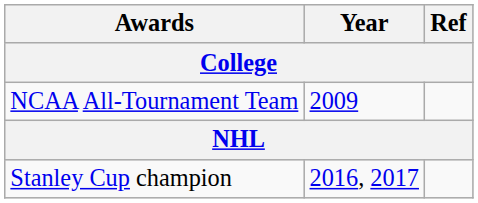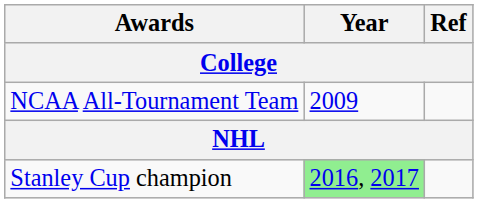 <table class="wikitable">
 <tr>
 <th>Awards</th>
 <th>Year</th>
 <th>Ref</th>
 </tr>
 <tr>
 <th colspan="3"><a href='#'>College</a></th>
 </tr>
 <tr>
 <td><a href='#'>NCAA</a> <a href='#'>All-Tournament Team</a></td>
 <td><a href='#'>2009</a></td>
 <td></td>
 </tr>
 <tr>
 <th colspan="3"><a href='#'>NHL</a></th>
 </tr>
 <tr>
 <td><a href='#'>Stanley Cup</a> champion</td>
-<td><a href='#'>2016</a>, <a href='#'>2017</a></td>
+<td style="background: lightgreen;"><a href='#'>2016</a>, <a href='#'>2017</a></td>
 <td></td>
 </tr>
 </table>
